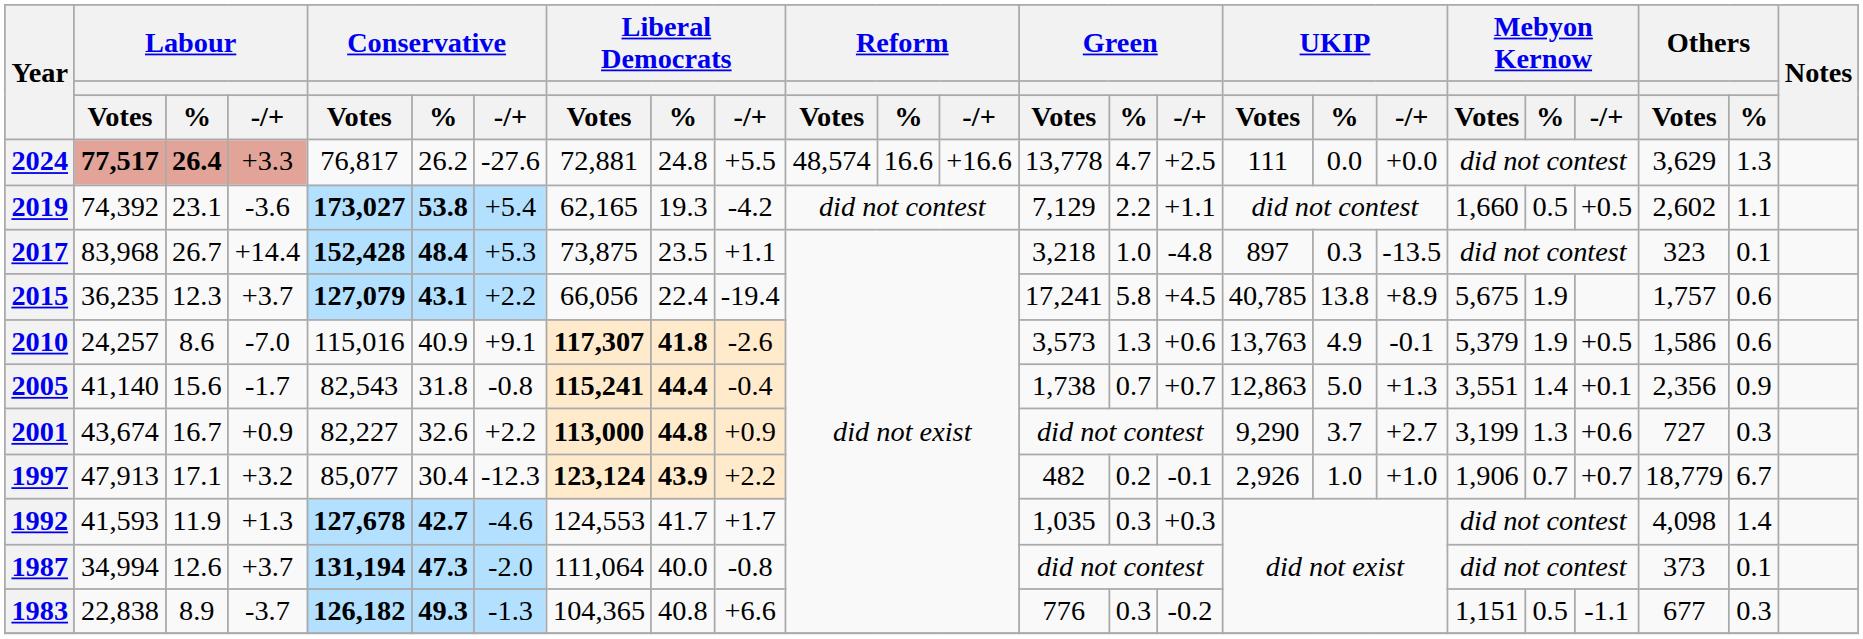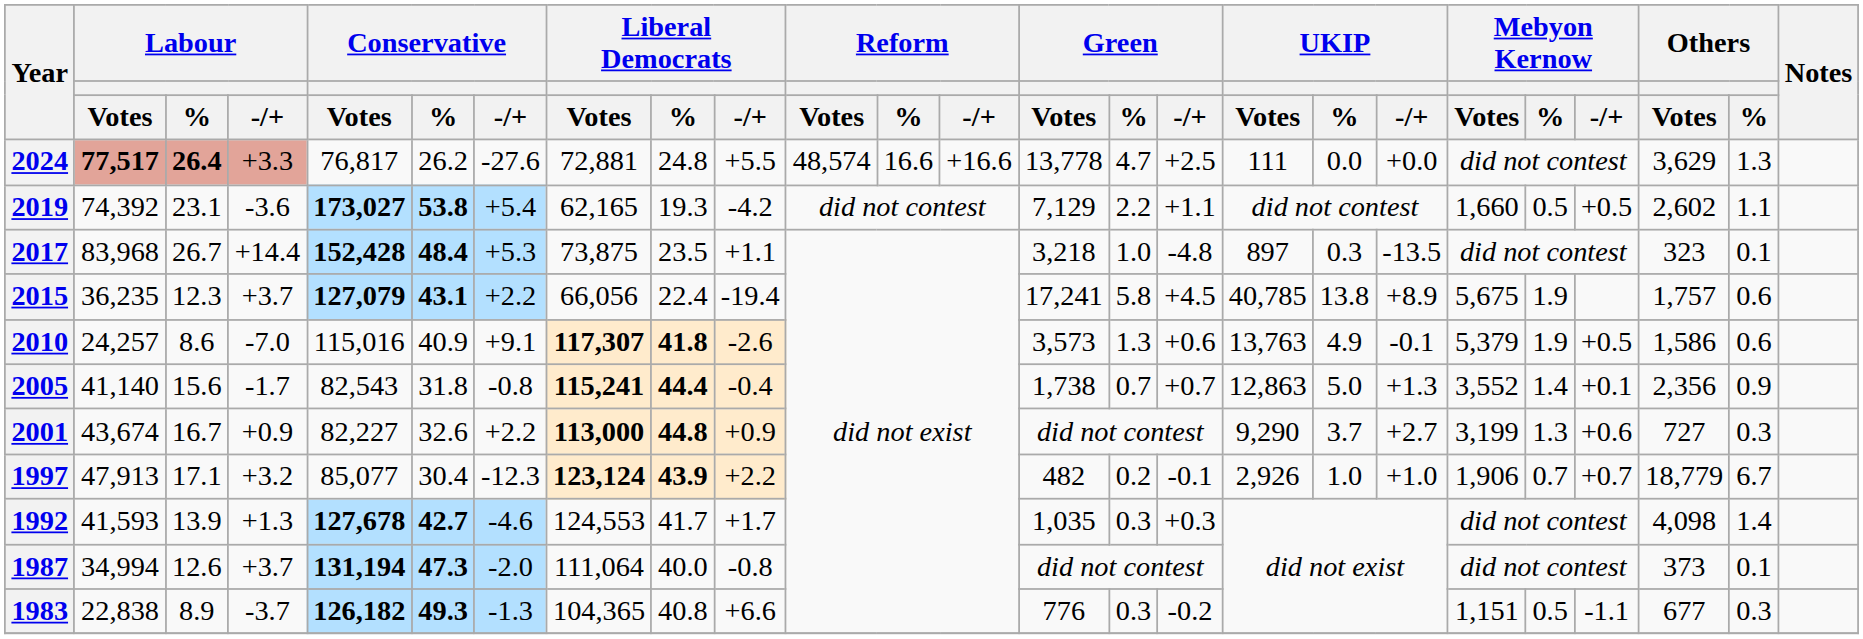 <table class=wikitable style=text-align:center>
 <tr>
 <th rowspan=3>Year</th>
 <th width="90" colspan="3"><a href='#'>Labour</a></th>
 <th width="90" colspan="3"><a href='#'>Conservative</a></th>
 <th width="90" colspan="3"><a href='#'>Liberal Democrats</a></th>
 <th width="90" colspan="3"><a href='#'>Reform</a></th>
 <th width="90" colspan="3"><a href='#'>Green</a></th>
 <th width="90" colspan="3"><a href='#'>UKIP</a></th>
 <th width="90" colspan="3"><a href='#'>Mebyon Kernow</a></th>
 <th width="90" colspan="2">Others</th>
 <th rowspan="3">Notes</th>
 </tr>
 <tr>
 <th colspan="3" style="background-color: "></th>
 <th colspan="3" style="background-color: "></th>
 <th colspan="3" style="background-color: "></th>
 <th colspan="3" style="background-color: "></th>
 <th colspan="3" style="background-color: "></th>
 <th colspan="3" style="background-color: "></th>
 <th colspan="3" style="background-color: "></th>
 <th colspan="2" style="background-color: "></th>
 </tr>
 <tr>
 <th>Votes</th>
 <th>%</th>
 <th>-/+</th>
 <th>Votes</th>
 <th>%</th>
 <th>-/+</th>
 <th>Votes</th>
 <th>%</th>
 <th>-/+</th>
 <th>Votes</th>
 <th>%</th>
 <th>-/+</th>
 <th>Votes</th>
 <th>%</th>
 <th>-/+</th>
 <th>Votes</th>
 <th>%</th>
 <th>-/+</th>
 <th>Votes</th>
 <th>%</th>
 <th>-/+</th>
 <th>Votes</th>
 <th>%</th>
 </tr>
 <tr>
 <th><a href='#'>2024</a></th>
 <td style="background-color:#e2a499;"><strong>77,517</strong></td>
 <td style="background-color:#e2a499;"><strong>26.4</strong></td>
 <td style="background-color:#e2a499;"><span>+3.3</span></td>
 <td>76,817</td>
 <td>26.2</td>
 <td><span>-27.6</span></td>
 <td>72,881</td>
 <td>24.8</td>
 <td><span>+5.5</span></td>
 <td>48,574</td>
 <td>16.6</td>
 <td><span>+16.6</span></td>
 <td>13,778</td>
 <td>4.7</td>
 <td><span>+2.5</span></td>
 <td>111</td>
 <td>0.0</td>
 <td><span>+0.0</span></td>
 <td colspan="3"><em>did not contest</em></td>
 <td>3,629</td>
 <td>1.3</td>
 <td></td>
 </tr>
 <tr>
 <th><a href='#'>2019</a></th>
 <td>74,392</td>
 <td>23.1</td>
 <td><span>-3.6</span></td>
 <td style="background:#B3E0FF"><strong>173,027</strong></td>
 <td style="background:#B3E0FF"><strong>53.8</strong></td>
 <td style="background:#B3E0FF"><span>+5.4</span></td>
 <td>62,165</td>
 <td>19.3</td>
 <td><span>-4.2</span></td>
 <td colspan="3"><em>did not contest</em></td>
 <td>7,129</td>
 <td>2.2</td>
 <td><span>+1.1</span></td>
 <td colspan="3"><em>did not contest</em></td>
 <td>1,660</td>
 <td>0.5</td>
 <td><span>+0.5</span></td>
 <td>2,602</td>
 <td>1.1</td>
 <td></td>
 </tr>
 <tr>
 <th><a href='#'>2017</a></th>
 <td>83,968</td>
 <td>26.7</td>
 <td><span>+14.4</span></td>
 <td style="background:#B3E0FF"><strong>152,428</strong></td>
 <td style="background:#B3E0FF"><strong>48.4</strong></td>
 <td style="background:#B3E0FF"><span>+5.3</span></td>
 <td>73,875</td>
 <td>23.5</td>
 <td><span>+1.1</span></td>
 <td colspan="3" rowspan="9"><em>did not exist</em></td>
 <td>3,218</td>
 <td>1.0</td>
 <td><span>-4.8</span></td>
 <td>897</td>
 <td>0.3</td>
 <td><span>-13.5</span></td>
 <td colspan="3"><em>did not contest</em></td>
 <td>323</td>
 <td>0.1</td>
 <td></td>
 </tr>
 <tr>
 <th><a href='#'>2015</a></th>
 <td>36,235</td>
 <td>12.3</td>
 <td><span>+3.7</span></td>
 <td style="background:#B3E0FF"><strong>127,079</strong></td>
 <td style="background:#B3E0FF"><strong>43.1</strong></td>
 <td style="background:#B3E0FF"><span>+2.2</span></td>
 <td>66,056</td>
 <td>22.4</td>
 <td><span>-19.4</span></td>
 <td>17,241</td>
 <td>5.8</td>
 <td><span>+4.5</span></td>
 <td>40,785</td>
 <td>13.8</td>
 <td><span>+8.9</span></td>
 <td>5,675</td>
 <td>1.9</td>
 <td></td>
 <td>1,757</td>
 <td>0.6</td>
 <td></td>
 </tr>
 <tr>
 <th><a href='#'>2010</a></th>
 <td>24,257</td>
 <td>8.6</td>
 <td><span>-7.0</span></td>
 <td>115,016</td>
 <td>40.9</td>
 <td><span>+9.1</span></td>
 <td style="background:#ffebcc"><strong>117,307</strong></td>
 <td style="background:#ffebcc"><strong>41.8</strong></td>
 <td style="background:#ffebcc"><span>-2.6</span></td>
 <td>3,573</td>
 <td>1.3</td>
 <td><span>+0.6</span></td>
 <td>13,763</td>
 <td>4.9</td>
 <td><span>-0.1</span></td>
 <td>5,379</td>
 <td>1.9</td>
 <td><span>+0.5</span></td>
 <td>1,586</td>
 <td>0.6</td>
 <td></td>
 </tr>
 <tr>
 <th><a href='#'>2005</a></th>
 <td>41,140</td>
 <td>15.6</td>
 <td><span>-1.7</span></td>
 <td>82,543</td>
 <td>31.8</td>
 <td><span>-0.8</span></td>
 <td style="background:#ffebcc"><strong>115,241</strong></td>
 <td style="background:#ffebcc"><strong>44.4</strong></td>
 <td style="background:#ffebcc"><span>-0.4</span></td>
 <td>1,738</td>
 <td>0.7</td>
 <td><span>+0.7</span></td>
 <td>12,863</td>
 <td>5.0</td>
 <td><span>+1.3</span></td>
-<td>3,551</td>
+<td>3,552</td>
 <td>1.4</td>
 <td><span>+0.1</span></td>
 <td>2,356</td>
 <td>0.9</td>
 <td></td>
 </tr>
 <tr>
 <th><a href='#'>2001</a></th>
 <td>43,674</td>
 <td>16.7</td>
 <td><span>+0.9</span></td>
 <td>82,227</td>
 <td>32.6</td>
 <td><span>+2.2</span></td>
 <td style="background:#ffebcc"><strong>113,000</strong></td>
 <td style="background:#ffebcc"><strong>44.8</strong></td>
 <td style="background:#ffebcc"><span>+0.9</span></td>
 <td colspan="3"><em>did not contest</em></td>
 <td>9,290</td>
 <td>3.7</td>
 <td><span>+2.7</span></td>
 <td>3,199</td>
 <td>1.3</td>
 <td><span>+0.6</span></td>
 <td>727</td>
 <td>0.3</td>
 <td></td>
 </tr>
 <tr>
 <th><a href='#'>1997</a></th>
 <td>47,913</td>
 <td>17.1</td>
 <td><span>+3.2</span></td>
 <td>85,077</td>
 <td>30.4</td>
 <td><span>-12.3</span></td>
 <td style="background:#ffebcc"><strong>123,124</strong></td>
 <td style="background:#ffebcc"><strong>43.9</strong></td>
 <td style="background:#ffebcc"><span>+2.2</span></td>
 <td>482</td>
 <td>0.2</td>
 <td><span>-0.1</span></td>
 <td>2,926</td>
 <td>1.0</td>
 <td><span>+1.0</span></td>
 <td>1,906</td>
 <td>0.7</td>
 <td><span>+0.7</span></td>
 <td>18,779</td>
 <td>6.7</td>
 <td></td>
 </tr>
 <tr>
 <th><a href='#'>1992</a></th>
 <td>41,593</td>
-<td>11.9</td>
+<td>13.9</td>
 <td><span>+1.3</span></td>
 <td style="background:#B3E0FF"><strong>127,678</strong></td>
 <td style="background:#B3E0FF"><strong>42.7</strong></td>
 <td style="background:#B3E0FF"><span>-4.6</span></td>
 <td>124,553</td>
 <td>41.7</td>
 <td><span>+1.7</span></td>
 <td>1,035</td>
 <td>0.3</td>
 <td><span>+0.3</span></td>
 <td colspan="3" rowspan="3"><em>did not exist</em></td>
 <td colspan="3"><em>did not contest</em></td>
 <td>4,098</td>
 <td>1.4</td>
 <td></td>
 </tr>
 <tr>
 <th><a href='#'>1987</a></th>
 <td>34,994</td>
 <td>12.6</td>
 <td><span>+3.7</span></td>
 <td style="background:#B3E0FF"><strong>131,194</strong></td>
 <td style="background:#B3E0FF"><strong>47.3</strong></td>
 <td style="background:#B3E0FF"><span>-2.0</span></td>
 <td>111,064</td>
 <td>40.0</td>
 <td><span>-0.8</span></td>
 <td colspan="3"><em>did not contest</em></td>
 <td colspan="3"><em>did not contest</em></td>
 <td>373</td>
 <td>0.1</td>
 <td></td>
 </tr>
 <tr>
 <th><a href='#'>1983</a></th>
 <td>22,838</td>
 <td>8.9</td>
 <td><span>-3.7</span></td>
 <td style="background:#B3E0FF"><strong>126,182</strong></td>
 <td style="background:#B3E0FF"><strong>49.3</strong></td>
 <td style="background:#B3E0FF"><span>-1.3</span></td>
 <td>104,365</td>
 <td>40.8</td>
 <td><span>+6.6</span></td>
 <td>776</td>
 <td>0.3</td>
 <td><span>-0.2</span></td>
 <td>1,151</td>
 <td>0.5</td>
 <td><span>-1.1</span></td>
 <td>677</td>
 <td>0.3</td>
 <td></td>
 </tr>
 <tr>
 </tr>
 </table>
